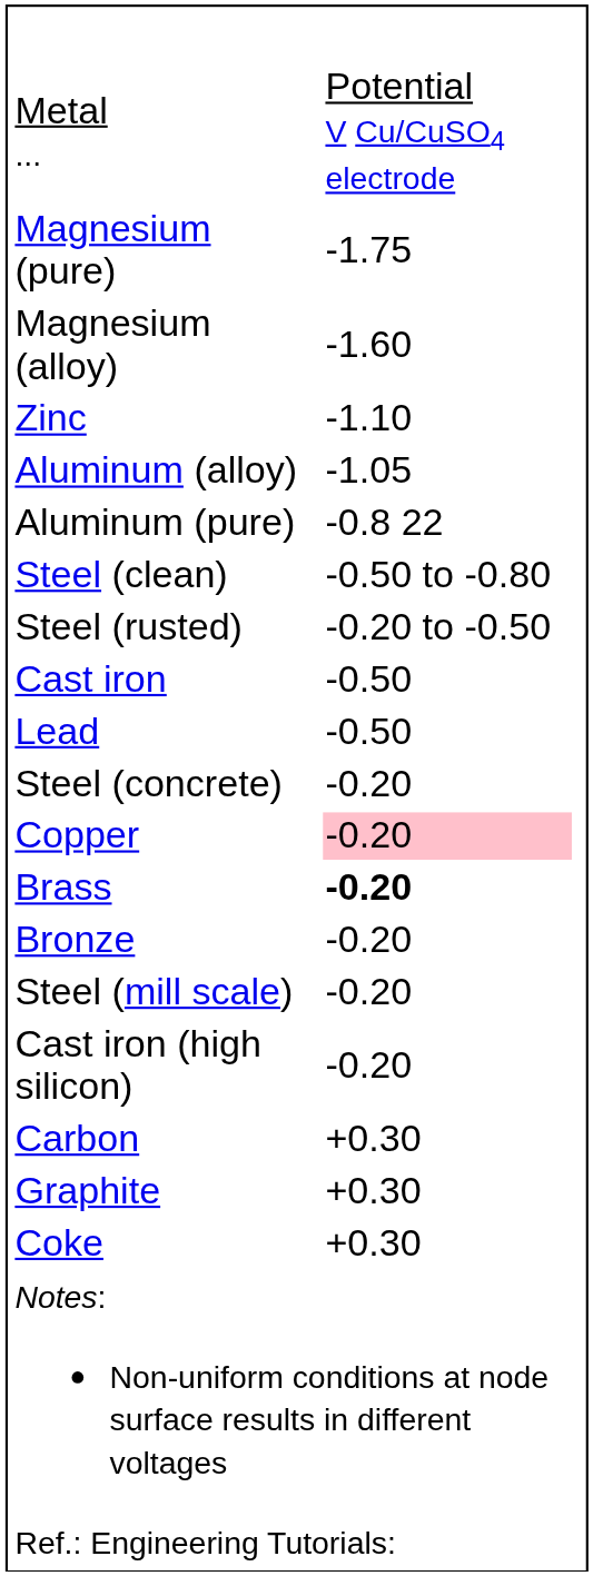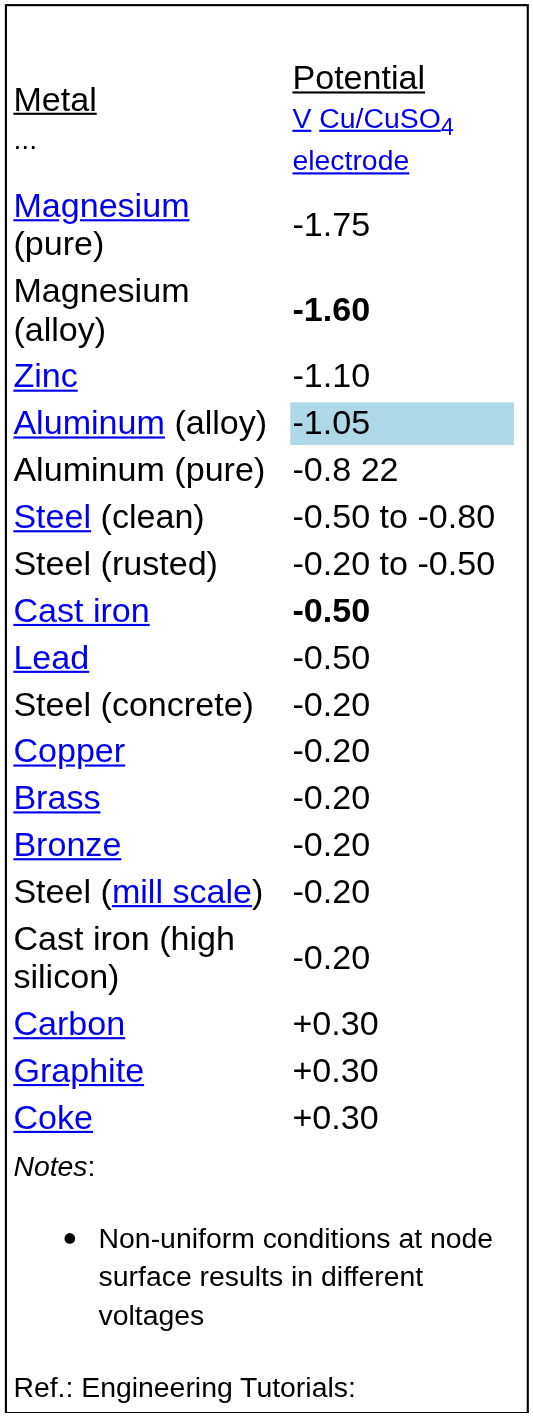 <table style="float:right; width:246px; margin:1em; border:1px; border-style:solid;">
 <tr>
 <th colspan="2"><br></th>
 </tr>
 <tr>
 <td><u>Metal</u><br><small>...</small></td>
 <td><u>Potential</u><br><small><a href='#'>V</a> <a href='#'>Cu/CuSO<sub>4</sub></a> <a href='#'>electrode</a></small></td>
 </tr>
 <tr>
 <td><a href='#'>Magnesium</a> (pure)</td>
 <td>-1.75</td>
 </tr>
 <tr>
 <td>Magnesium (alloy)</td>
-<td>-1.60</td>
+<td><strong>-1.60</strong></td>
 </tr>
 <tr>
 <td><a href='#'>Zinc</a></td>
 <td>-1.10</td>
 </tr>
 <tr>
 <td><a href='#'>Aluminum</a> (alloy)</td>
-<td>-1.05</td>
+<td style="background: lightblue;">-1.05</td>
 </tr>
 <tr>
 <td>Aluminum (pure)</td>
 <td>-0.8 22</td>
 </tr>
 <tr>
 <td><a href='#'>Steel</a> (clean)</td>
 <td>-0.50 to -0.80</td>
 </tr>
 <tr>
 <td>Steel (rusted)</td>
 <td>-0.20 to -0.50</td>
 </tr>
 <tr>
 <td><a href='#'>Cast iron</a></td>
-<td>-0.50</td>
+<td><strong>-0.50</strong></td>
 </tr>
 <tr>
 <td><a href='#'>Lead</a></td>
 <td>-0.50</td>
 </tr>
 <tr>
 <td>Steel (concrete)</td>
 <td>-0.20</td>
 </tr>
 <tr>
 <td><a href='#'>Copper</a></td>
-<td style="background: pink;">-0.20</td>
+<td>-0.20</td>
 </tr>
 <tr>
 <td><a href='#'>Brass</a></td>
-<td><strong>-0.20</strong></td>
+<td>-0.20</td>
 </tr>
 <tr>
 <td><a href='#'>Bronze</a></td>
 <td>-0.20</td>
 </tr>
 <tr>
 <td>Steel (<a href='#'>mill scale</a>)</td>
 <td>-0.20</td>
 </tr>
 <tr>
 <td>Cast iron (high silicon)</td>
 <td>-0.20</td>
 </tr>
 <tr>
 <td><a href='#'>Carbon</a></td>
 <td>+0.30</td>
 </tr>
 <tr>
 <td><a href='#'>Graphite</a></td>
 <td>+0.30</td>
 </tr>
 <tr>
 <td><a href='#'>Coke</a></td>
 <td>+0.30</td>
 </tr>
 <tr>
 <td colspan="2"><small><em>Notes</em>:</small><br><ul><li><small>Non-uniform conditions at node surface results in different voltages</small></li></ul><small>Ref.: Engineering Tutorials: </small></td>
 <td></td>
 </tr>
 </table>
